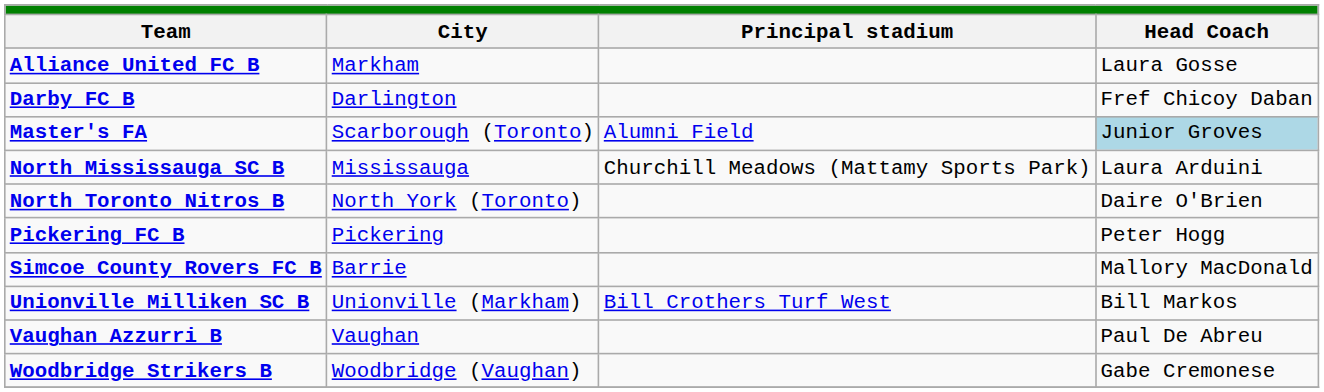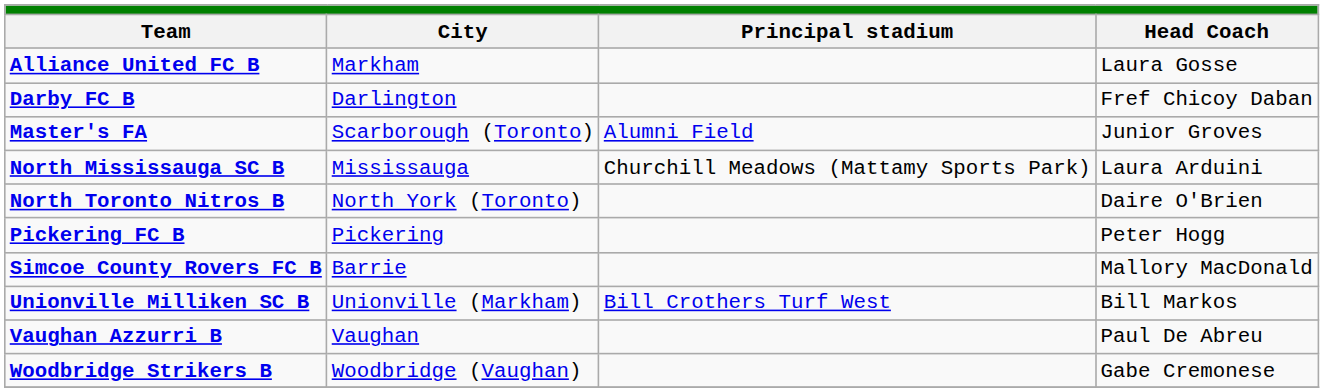 <table class="wikitable sortable">
 <tr>
 <th style="background:green" colspan="6"></th>
 </tr>
 <tr>
 <th>Team</th>
 <th>City</th>
 <th>Principal stadium</th>
 <th>Head Coach</th>
 </tr>
 <tr>
 <td><strong><a href='#'>Alliance United FC B</a></strong></td>
 <td><a href='#'>Markham</a></td>
 <td></td>
 <td>Laura Gosse</td>
 </tr>
 <tr>
 <td><strong><a href='#'>Darby FC B</a></strong></td>
 <td><a href='#'>Darlington</a></td>
 <td></td>
 <td>Fref Chicoy Daban</td>
 </tr>
 <tr>
 <td><strong><a href='#'>Master's FA</a></strong></td>
 <td><a href='#'>Scarborough</a> (<a href='#'>Toronto</a>)</td>
 <td><a href='#'>Alumni Field</a></td>
-<td style="background: lightblue;">Junior Groves</td>
+<td>Junior Groves</td>
 </tr>
 <tr>
 <td><strong><a href='#'>North Mississauga SC B</a></strong></td>
 <td><a href='#'>Mississauga</a></td>
 <td>Churchill Meadows (Mattamy Sports Park)</td>
 <td>Laura Arduini</td>
 </tr>
 <tr>
 <td><strong><a href='#'>North Toronto Nitros B</a></strong></td>
 <td><a href='#'>North York</a> (<a href='#'>Toronto</a>)</td>
 <td></td>
 <td>Daire O'Brien</td>
 </tr>
 <tr>
 <td><strong><a href='#'>Pickering FC B</a></strong></td>
 <td><a href='#'>Pickering</a></td>
 <td></td>
 <td>Peter Hogg</td>
 </tr>
 <tr>
 <td><strong><a href='#'>Simcoe County Rovers FC B</a></strong></td>
 <td><a href='#'>Barrie</a></td>
 <td></td>
 <td>Mallory MacDonald</td>
 </tr>
 <tr>
 <td><strong><a href='#'>Unionville Milliken SC B</a></strong></td>
 <td><a href='#'>Unionville</a> (<a href='#'>Markham</a>)</td>
 <td><a href='#'>Bill Crothers Turf West</a></td>
 <td>Bill Markos</td>
 </tr>
 <tr>
 <td><strong><a href='#'>Vaughan Azzurri B</a></strong></td>
 <td><a href='#'>Vaughan</a></td>
 <td></td>
 <td>Paul De Abreu</td>
 </tr>
 <tr>
 <td><strong><a href='#'>Woodbridge Strikers B</a></strong></td>
 <td><a href='#'>Woodbridge</a> (<a href='#'>Vaughan</a>)</td>
 <td></td>
 <td>Gabe Cremonese</td>
 </tr>
 <tr>
 </tr>
 </table>
